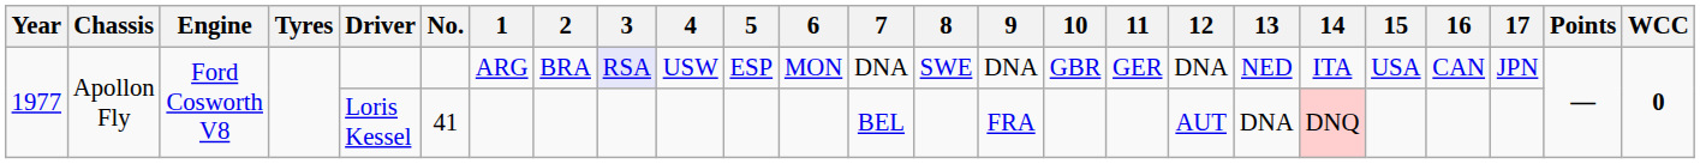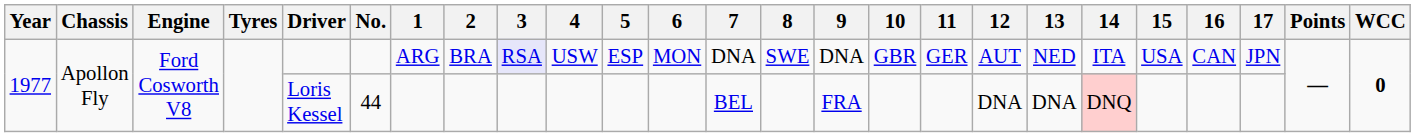 <table class="wikitable" style="text-align:center; font-size:90%">
 <tr>
 <th>Year</th>
 <th>Chassis</th>
 <th>Engine</th>
 <th>Tyres</th>
 <th>Driver</th>
 <th>No.</th>
 <th>1</th>
 <th>2</th>
 <th>3</th>
 <th>4</th>
 <th>5</th>
 <th>6</th>
 <th>7</th>
 <th>8</th>
 <th>9</th>
 <th>10</th>
 <th>11</th>
 <th>12</th>
 <th>13</th>
 <th>14</th>
 <th>15</th>
 <th>16</th>
 <th>17</th>
 <th>Points</th>
 <th>WCC</th>
 </tr>
 <tr>
 <td rowspan="2"><a href='#'>1977</a></td>
 <td rowspan="2">Apollon Fly</td>
 <td rowspan="2"><a href='#'>Ford Cosworth</a> <a href='#'>V8</a></td>
 <td rowspan="2"></td>
 <td></td>
 <td></td>
 <td><a href='#'>ARG</a></td>
 <td><a href='#'>BRA</a></td>
 <td style="background: lavender;"><a href='#'>RSA</a></td>
 <td><a href='#'>USW</a></td>
 <td><a href='#'>ESP</a></td>
 <td><a href='#'>MON</a></td>
 <td>DNA</td>
 <td><a href='#'>SWE</a></td>
 <td>DNA</td>
 <td><a href='#'>GBR</a></td>
 <td><a href='#'>GER</a></td>
-<td>DNA</td>
+<td><a href='#'>AUT</a></td>
 <td><a href='#'>NED</a></td>
 <td><a href='#'>ITA</a></td>
 <td><a href='#'>USA</a></td>
 <td><a href='#'>CAN</a></td>
 <td><a href='#'>JPN</a></td>
 <td rowspan="2"><strong>—</strong></td>
 <td rowspan="2"><strong>0</strong></td>
 </tr>
 <tr>
 <td align="left"> <a href='#'>Loris Kessel</a></td>
-<td>41</td>
+<td>44</td>
 <td></td>
 <td></td>
 <td></td>
 <td></td>
 <td></td>
 <td></td>
 <td><a href='#'>BEL</a></td>
 <td></td>
 <td><a href='#'>FRA</a></td>
 <td></td>
 <td></td>
-<td><a href='#'>AUT</a></td>
+<td>DNA</td>
 <td>DNA</td>
 <td style="background:#FFCFCF;">DNQ</td>
 <td></td>
 <td></td>
 <td></td>
 </tr>
 </table>
